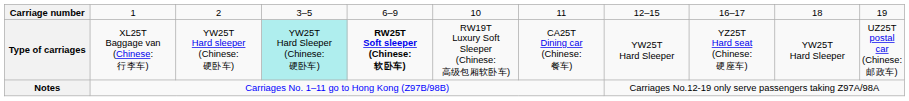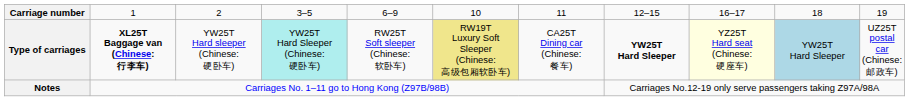 <table class="wikitable" style="text-align: center; font-size: small;">
 <tr>
 <th>Carriage number</th>
 <td>1</td>
 <td>2</td>
 <td>3–5</td>
 <td>6–9</td>
 <td>10</td>
 <td>11</td>
 <td>12–15</td>
 <td>16–17</td>
 <td>18</td>
 <td>19</td>
 </tr>
 <tr>
 <th style="width: 10%;">Type of carriages</th>
-<td style="width: 10%;">XL25T<br>Baggage van<br>(<a href='#'>Chinese</a>:<br>行李车)</td>
+<td style="width: 10%;"><strong>XL25T<br>Baggage van<br>(<a href='#'>Chinese</a>:<br>行李车)</strong></td>
 <td style="width: 10%;">YW25T<br><a href='#'>Hard sleeper</a><br>(Chinese:<br>硬卧车)</td>
 <td style="background: paleturquoise; width: 10%;">YW25T<br>Hard Sleeper<br>(Chinese:<br>硬卧车)</td>
-<td style="width: 10%;"><strong>RW25T<br><a href='#'>Soft sleeper</a><br>(Chinese:<br>软卧车)</strong></td>
-<td style="width: 10%;">RW19T<br>Luxury Soft Sleeper<br>(Chinese:<br>高级包厢软卧车)</td>
+<td style="width: 10%;">RW25T<br><a href='#'>Soft sleeper</a><br>(Chinese:<br>软卧车)</td>
+<td style="background: khaki; width: 10%;">RW19T<br>Luxury Soft Sleeper<br>(Chinese:<br>高级包厢软卧车)</td>
 <td style="width: 10%;">CA25T<br><a href='#'>Dining car</a><br>(Chinese:<br>餐车)</td>
-<td style="width: 10%;">YW25T<br>Hard Sleeper<br></td>
-<td style="width: 10%;">YZ25T<br><a href='#'>Hard seat</a><br>(Chinese:<br>硬座车)</td>
-<td style="width: 10%;">YW25T<br>Hard Sleeper</td>
+<td style="width: 10%;"><strong>YW25T<br>Hard Sleeper<br></strong></td>
+<td style="background: lightyellow; width: 10%;">YZ25T<br><a href='#'>Hard seat</a><br>(Chinese:<br>硬座车)</td>
+<td style="background: lightblue; width: 10%;">YW25T<br>Hard Sleeper</td>
 <td style="width: 10%;">UZ25T<br><a href='#'>postal car</a><br>(Chinese:<br>邮政车)</td>
 </tr>
 <tr>
 <th>Notes</th>
 <td colspan=6 style="color:blue;">Carriages No. 1–11 go to Hong Kong (Z97B/98B)</td>
 <td colspan=4>Carriages No.12-19 only serve passengers taking Z97A/98A</td>
 </tr>
 </table>
